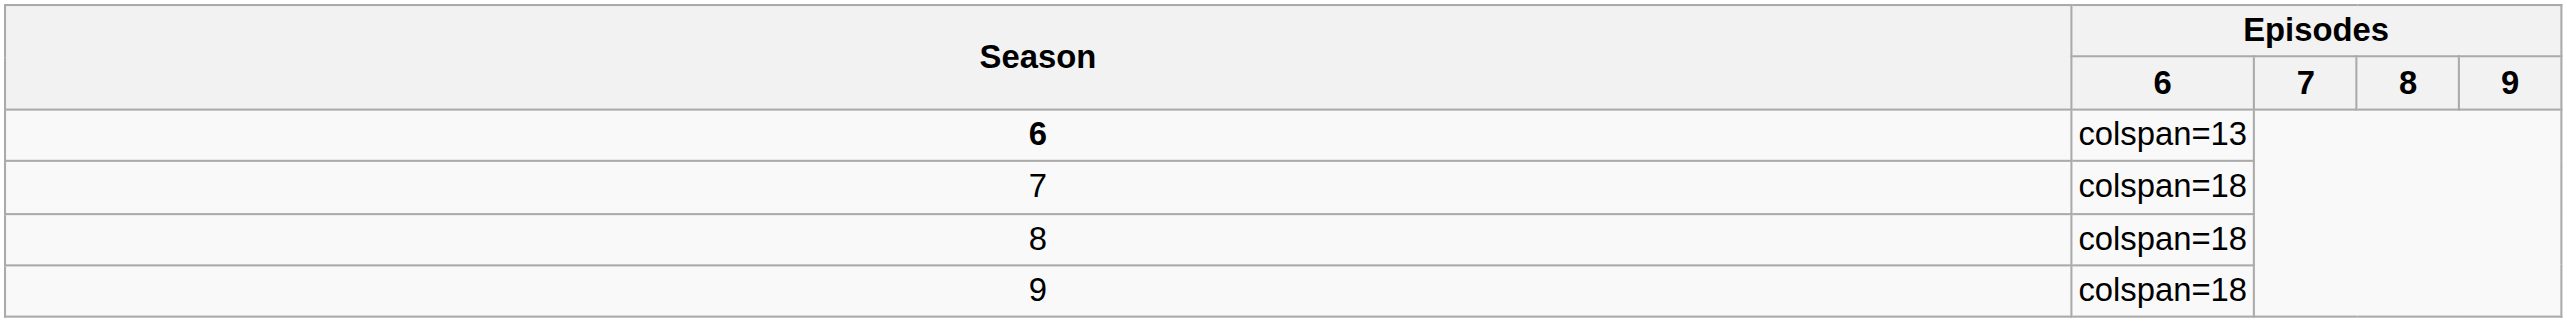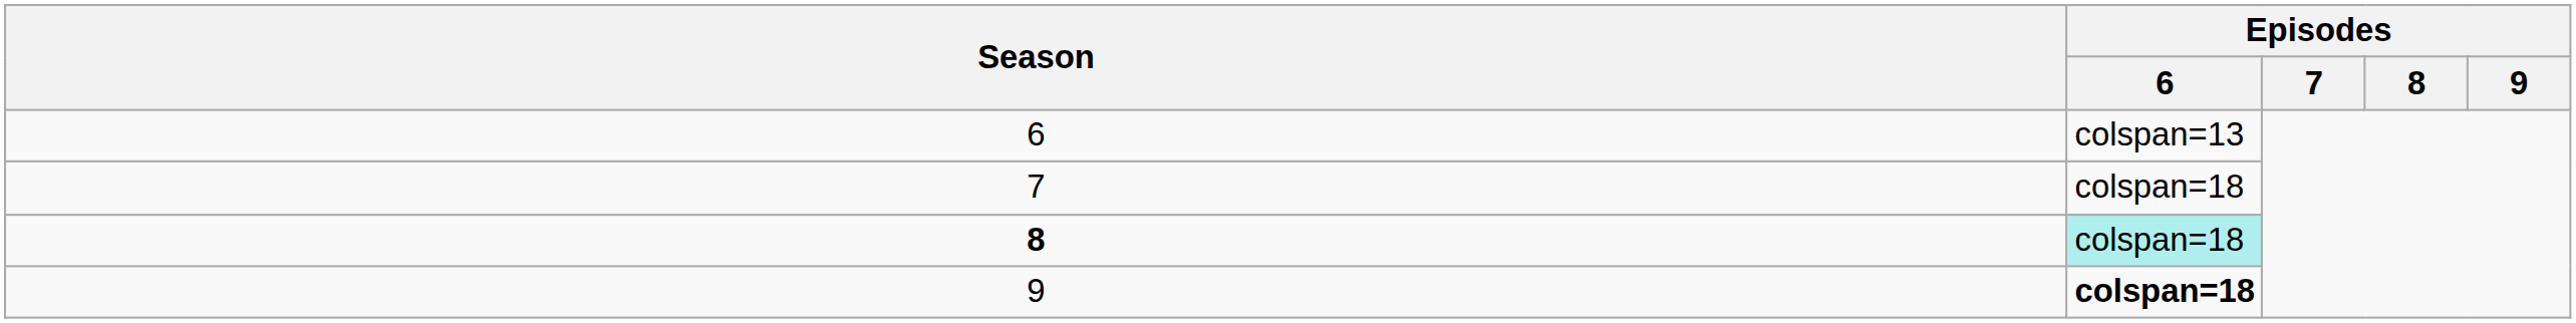 <table class="wikitable">
 <tr>
 <th rowspan=2>Season</th>
 <th colspan=19>Episodes</th>
 </tr>
 <tr>
 <th style="width:4%;">6</th>
 <th style="width:4%;">7</th>
 <th style="width:4%;">8</th>
 <th style="width:4%;">9</th>
 </tr>
 <tr>
-<td style="text-align:center;"><strong>6</strong></td>
+<td style="text-align:center;">6</td>
 <td>colspan=13 </td>
 </tr>
 <tr>
 <td style="text-align:center;">7</td>
 <td>colspan=18 </td>
 </tr>
 <tr>
-<td style="text-align:center;">8</td>
-<td>colspan=18 </td>
+<td style="text-align:center;"><strong>8</strong></td>
+<td style="background: paleturquoise;">colspan=18 </td>
 </tr>
 <tr>
 <td style="text-align:center;">9</td>
-<td>colspan=18 </td>
+<td><strong>colspan=18 </strong></td>
 </tr>
 </table>
